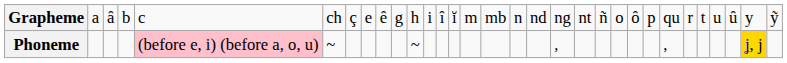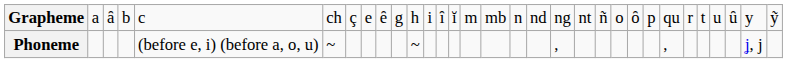 <table class="wikitable">
 <tr>
 <th>Grapheme</th>
 <td>a</td>
 <td>ȃ</td>
 <td>b</td>
 <td>c</td>
 <td>ch</td>
 <td>ç</td>
 <td>e</td>
 <td>ȇ</td>
 <td>g</td>
 <td>h</td>
 <td>i</td>
 <td>ȋ</td>
 <td>ĭ</td>
 <td>m</td>
 <td>mb</td>
 <td>n</td>
 <td>nd</td>
 <td>ng</td>
 <td>nt</td>
 <td>ñ</td>
 <td>o</td>
 <td>ȏ</td>
 <td>p</td>
 <td>qu</td>
 <td>r</td>
 <td>t</td>
 <td>u</td>
 <td>ȗ</td>
 <td>y</td>
 <td>ỹ</td>
 </tr>
 <tr>
 <th>Phoneme</th>
 <td></td>
 <td></td>
 <td></td>
-<td style="background: pink;"> (before e, i)  (before a, o, u)</td>
+<td> (before e, i)  (before a, o, u)</td>
 <td>~</td>
 <td></td>
 <td></td>
 <td></td>
 <td></td>
 <td> ~ </td>
 <td></td>
 <td></td>
 <td></td>
 <td></td>
 <td></td>
 <td></td>
 <td></td>
 <td>, </td>
 <td></td>
 <td></td>
 <td></td>
 <td></td>
 <td></td>
 <td>, </td>
 <td></td>
 <td></td>
 <td></td>
 <td></td>
-<td style="background: gold;"><a href='#'>ʝ</a>, j</td>
+<td><a href='#'>ʝ</a>, j</td>
 <td></td>
 </tr>
 </table>
